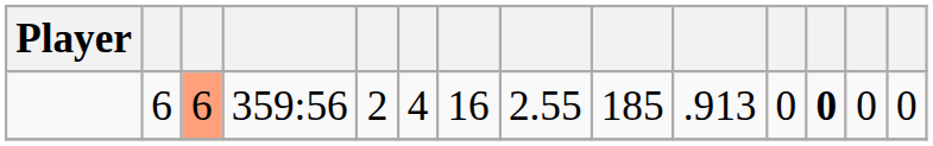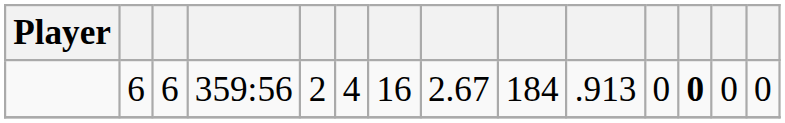 <table class="wikitable sortable" style="text-align:center;">
 <tr>
 <th>Player</th>
 <th></th>
 <th></th>
 <th></th>
 <th></th>
 <th></th>
 <th></th>
 <th></th>
 <th></th>
 <th></th>
 <th></th>
 <th></th>
 <th></th>
 <th></th>
 </tr>
 <tr>
 <td></td>
 <td>6</td>
-<td style="background: lightsalmon;">6</td>
+<td>6</td>
 <td>359:56</td>
 <td>2</td>
 <td>4</td>
 <td>16</td>
-<td>2.55</td>
-<td>185</td>
+<td>2.67</td>
+<td>184</td>
 <td>.913</td>
 <td>0</td>
 <td><strong>0</strong></td>
 <td>0</td>
 <td>0</td>
 </tr>
 <tr>
 </tr>
 </table>
